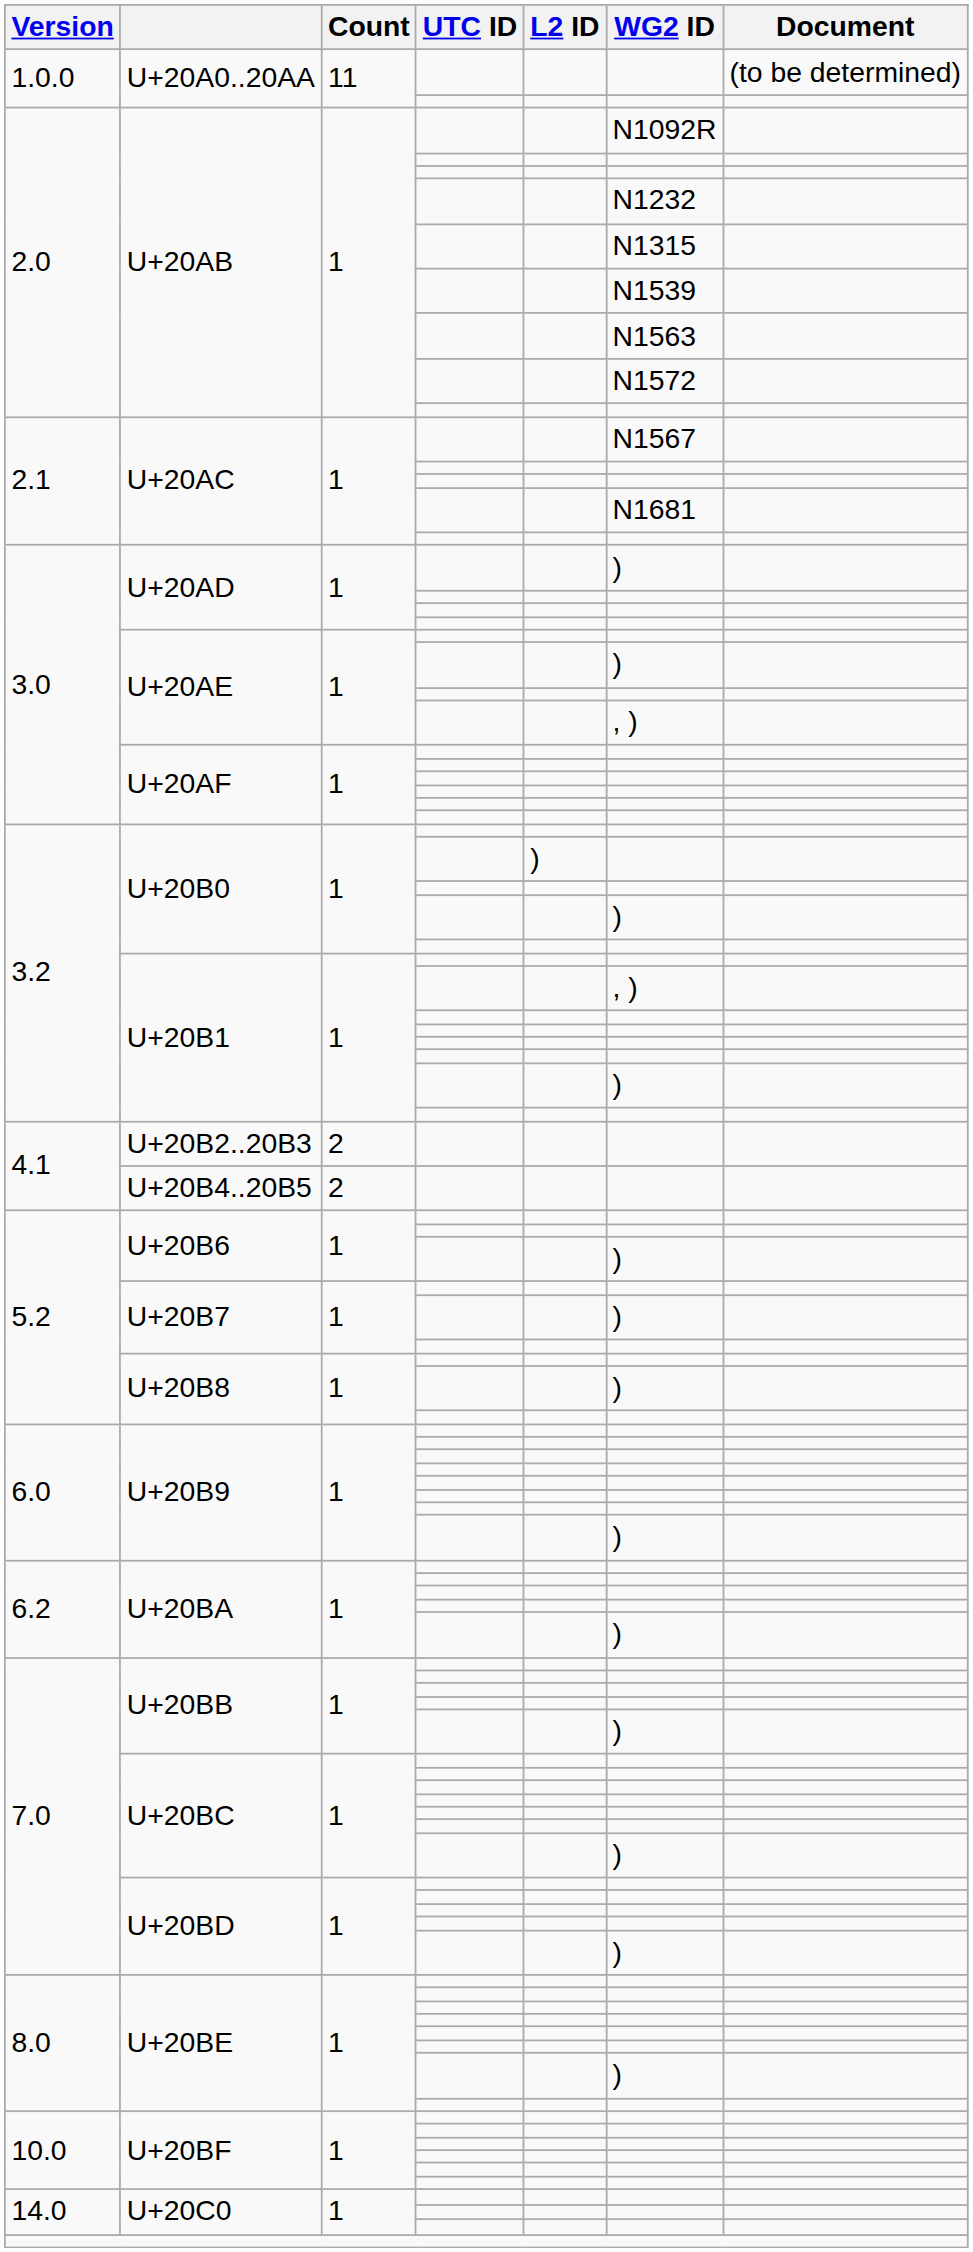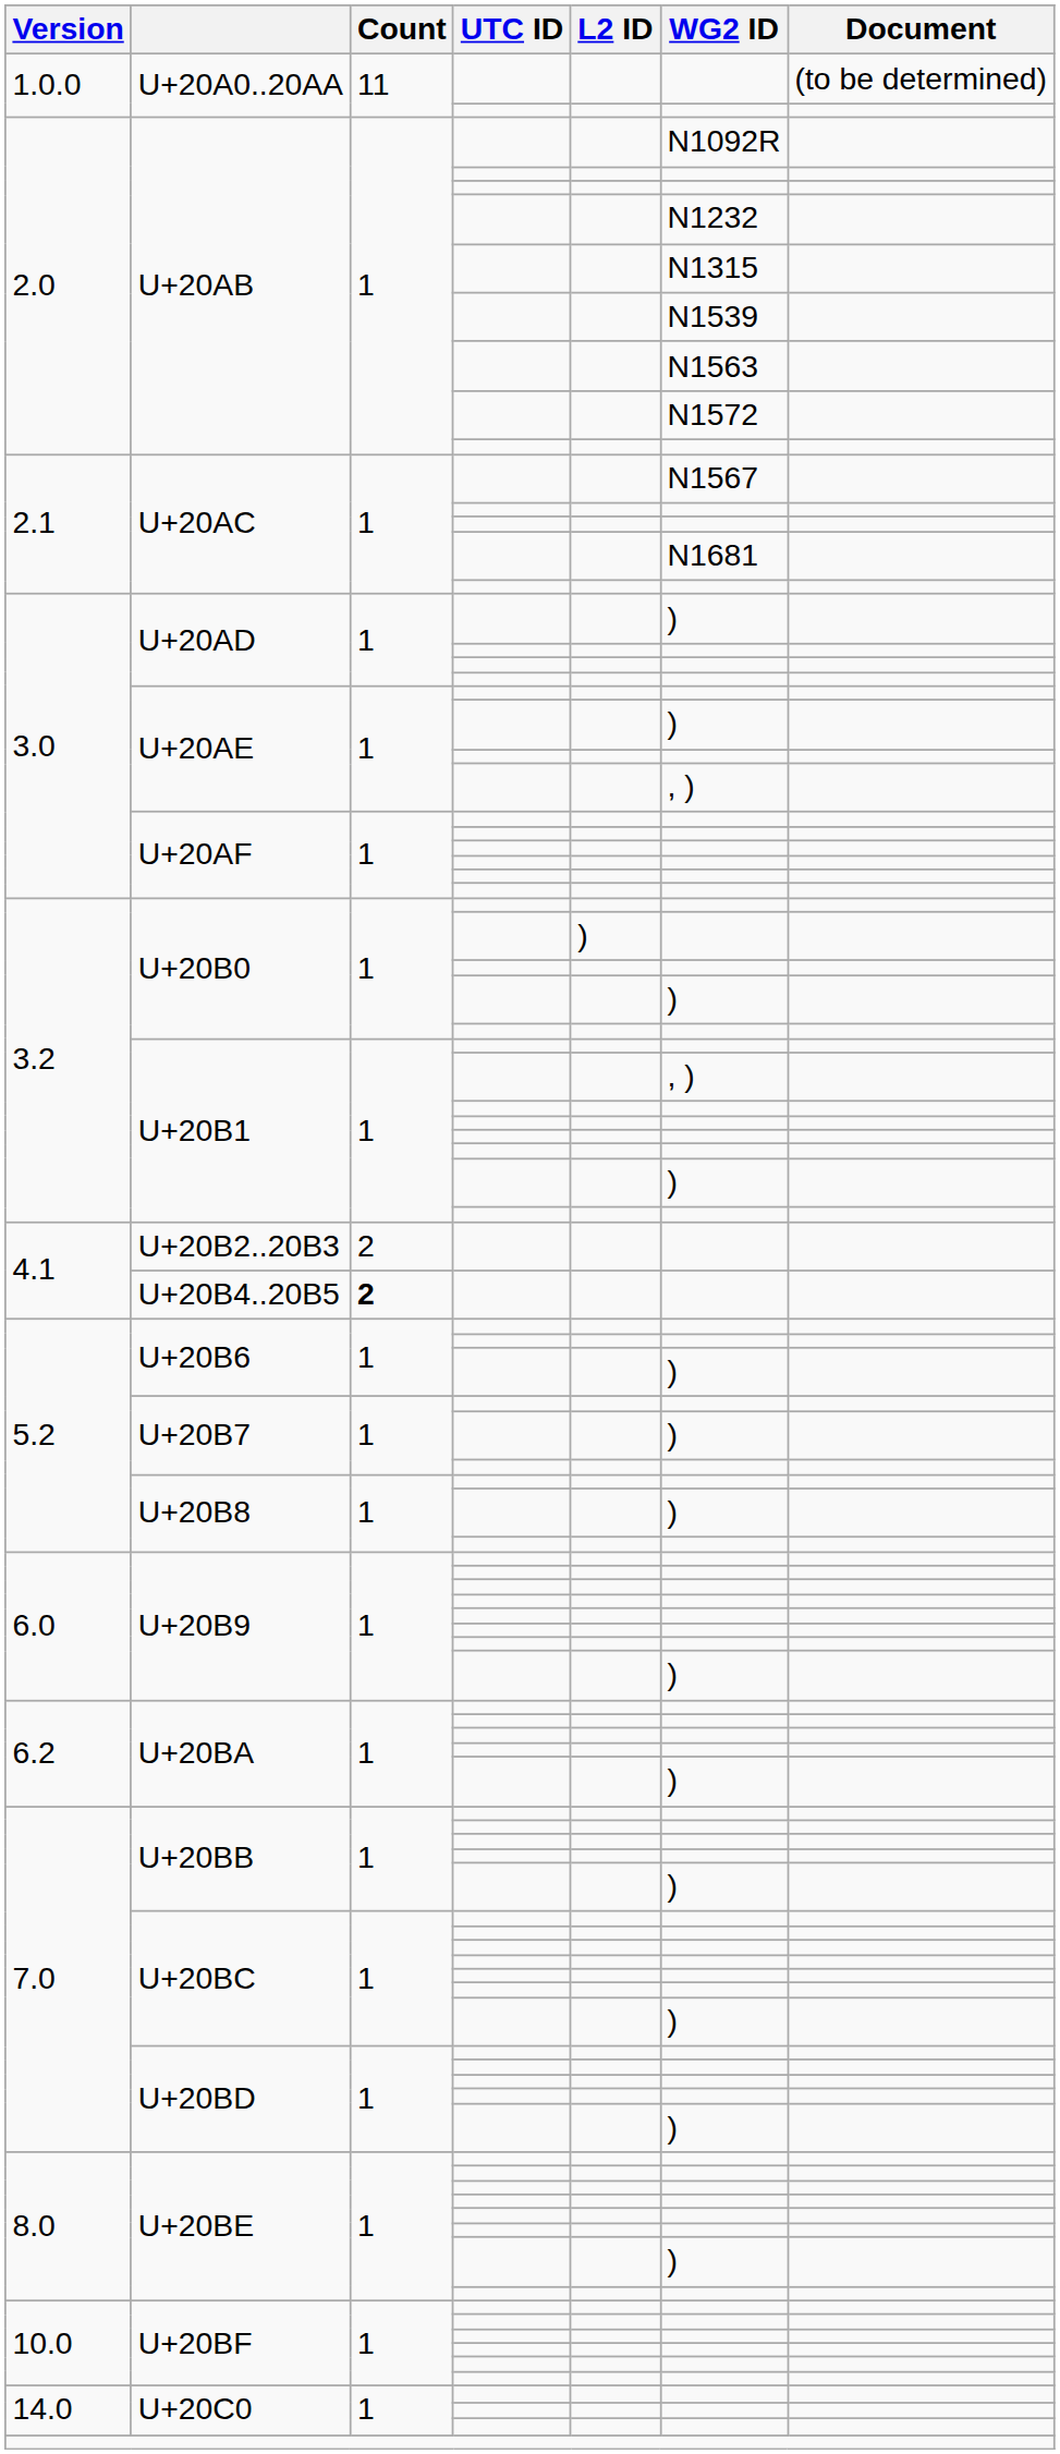 <table class="wikitable collapsible collapsed sticky-header">
 <tr>
 <th><a href='#'>Version</a></th>
 <th></th>
 <th>Count</th>
 <th><a href='#'>UTC</a> ID</th>
 <th><a href='#'>L2</a> ID</th>
 <th><a href='#'>WG2</a> ID</th>
 <th>Document</th>
 </tr>
 <tr>
 <td rowspan="2">1.0.0</td>
 <td rowspan="2">U+20A0..20AA</td>
 <td rowspan="2">11</td>
 <td></td>
 <td></td>
 <td></td>
 <td>(to be determined)</td>
 </tr>
 <tr>
 <td></td>
 <td></td>
 <td></td>
 <td></td>
 </tr>
 <tr>
 <td rowspan="9">2.0</td>
 <td rowspan="9">U+20AB</td>
 <td rowspan="9">1</td>
 <td></td>
 <td></td>
 <td>N1092R</td>
 <td></td>
 </tr>
 <tr>
 <td></td>
 <td></td>
 <td></td>
 <td></td>
 </tr>
 <tr>
 <td></td>
 <td></td>
 <td></td>
 <td></td>
 </tr>
 <tr>
 <td></td>
 <td></td>
 <td>N1232</td>
 <td></td>
 </tr>
 <tr>
 <td></td>
 <td></td>
 <td>N1315</td>
 <td></td>
 </tr>
 <tr>
 <td></td>
 <td></td>
 <td>N1539</td>
 <td></td>
 </tr>
 <tr>
 <td></td>
 <td></td>
 <td>N1563</td>
 <td></td>
 </tr>
 <tr>
 <td></td>
 <td></td>
 <td>N1572</td>
 <td></td>
 </tr>
 <tr>
 <td></td>
 <td></td>
 <td></td>
 <td></td>
 </tr>
 <tr>
 <td rowspan="5">2.1</td>
 <td rowspan="5">U+20AC</td>
 <td rowspan="5">1</td>
 <td></td>
 <td></td>
 <td>N1567</td>
 <td></td>
 </tr>
 <tr>
 <td></td>
 <td></td>
 <td></td>
 <td></td>
 </tr>
 <tr>
 <td></td>
 <td></td>
 <td></td>
 <td></td>
 </tr>
 <tr>
 <td></td>
 <td></td>
 <td>N1681</td>
 <td></td>
 </tr>
 <tr>
 <td></td>
 <td></td>
 <td></td>
 <td></td>
 </tr>
 <tr>
 <td rowspan="14">3.0</td>
 <td rowspan="4">U+20AD</td>
 <td rowspan="4">1</td>
 <td></td>
 <td></td>
 <td> )</td>
 <td></td>
 </tr>
 <tr>
 <td></td>
 <td></td>
 <td></td>
 <td></td>
 </tr>
 <tr>
 <td></td>
 <td></td>
 <td></td>
 <td></td>
 </tr>
 <tr>
 <td></td>
 <td></td>
 <td></td>
 <td></td>
 </tr>
 <tr>
 <td rowspan="4">U+20AE</td>
 <td rowspan="4">1</td>
 <td></td>
 <td></td>
 <td></td>
 <td></td>
 </tr>
 <tr>
 <td></td>
 <td></td>
 <td> )</td>
 <td></td>
 </tr>
 <tr>
 <td></td>
 <td></td>
 <td></td>
 <td></td>
 </tr>
 <tr>
 <td></td>
 <td></td>
 <td> , )</td>
 <td></td>
 </tr>
 <tr>
 <td rowspan="6">U+20AF</td>
 <td rowspan="6">1</td>
 <td></td>
 <td></td>
 <td></td>
 <td></td>
 </tr>
 <tr>
 <td></td>
 <td></td>
 <td></td>
 <td></td>
 </tr>
 <tr>
 <td></td>
 <td></td>
 <td></td>
 <td></td>
 </tr>
 <tr>
 <td></td>
 <td></td>
 <td></td>
 <td></td>
 </tr>
 <tr>
 <td></td>
 <td></td>
 <td></td>
 <td></td>
 </tr>
 <tr>
 <td></td>
 <td></td>
 <td></td>
 <td></td>
 </tr>
 <tr>
 <td rowspan="13">3.2</td>
 <td rowspan="5">U+20B0</td>
 <td rowspan="5">1</td>
 <td></td>
 <td></td>
 <td></td>
 <td></td>
 </tr>
 <tr>
 <td></td>
 <td> )</td>
 <td></td>
 <td></td>
 </tr>
 <tr>
 <td></td>
 <td></td>
 <td></td>
 <td></td>
 </tr>
 <tr>
 <td></td>
 <td></td>
 <td> )</td>
 <td></td>
 </tr>
 <tr>
 <td></td>
 <td></td>
 <td></td>
 <td></td>
 </tr>
 <tr>
 <td rowspan="8">U+20B1</td>
 <td rowspan="8">1</td>
 <td></td>
 <td></td>
 <td></td>
 <td></td>
 </tr>
 <tr>
 <td></td>
 <td></td>
 <td> , )</td>
 <td></td>
 </tr>
 <tr>
 <td></td>
 <td></td>
 <td></td>
 <td></td>
 </tr>
 <tr>
 <td></td>
 <td></td>
 <td></td>
 <td></td>
 </tr>
 <tr>
 <td></td>
 <td></td>
 <td></td>
 <td></td>
 </tr>
 <tr>
 <td></td>
 <td></td>
 <td></td>
 <td></td>
 </tr>
 <tr>
 <td></td>
 <td></td>
 <td> )</td>
 <td></td>
 </tr>
 <tr>
 <td></td>
 <td></td>
 <td></td>
 <td></td>
 </tr>
 <tr>
 <td rowspan="2">4.1</td>
 <td>U+20B2..20B3</td>
 <td>2</td>
 <td></td>
 <td></td>
 <td></td>
 <td></td>
 </tr>
 <tr>
 <td>U+20B4..20B5</td>
-<td>2</td>
+<td><strong>2</strong></td>
 <td></td>
 <td></td>
 <td></td>
 <td></td>
 </tr>
 <tr>
 <td rowspan="9">5.2</td>
 <td rowspan="3">U+20B6</td>
 <td rowspan="3">1</td>
 <td></td>
 <td></td>
 <td></td>
 <td></td>
 </tr>
 <tr>
 <td></td>
 <td></td>
 <td></td>
 <td></td>
 </tr>
 <tr>
 <td></td>
 <td></td>
 <td> )</td>
 <td></td>
 </tr>
 <tr>
 <td rowspan="3">U+20B7</td>
 <td rowspan="3">1</td>
 <td></td>
 <td></td>
 <td></td>
 <td></td>
 </tr>
 <tr>
 <td></td>
 <td></td>
 <td> )</td>
 <td></td>
 </tr>
 <tr>
 <td></td>
 <td></td>
 <td></td>
 <td></td>
 </tr>
 <tr>
 <td rowspan="3">U+20B8</td>
 <td rowspan="3">1</td>
 <td></td>
 <td></td>
 <td></td>
 <td></td>
 </tr>
 <tr>
 <td></td>
 <td></td>
 <td> )</td>
 <td></td>
 </tr>
 <tr>
 <td></td>
 <td></td>
 <td></td>
 <td></td>
 </tr>
 <tr>
 <td rowspan="8">6.0</td>
 <td rowspan="8">U+20B9</td>
 <td rowspan="8">1</td>
 <td></td>
 <td></td>
 <td></td>
 <td></td>
 </tr>
 <tr>
 <td></td>
 <td></td>
 <td></td>
 <td></td>
 </tr>
 <tr>
 <td></td>
 <td></td>
 <td></td>
 <td></td>
 </tr>
 <tr>
 <td></td>
 <td></td>
 <td></td>
 <td></td>
 </tr>
 <tr>
 <td></td>
 <td></td>
 <td></td>
 <td></td>
 </tr>
 <tr>
 <td></td>
 <td></td>
 <td></td>
 <td></td>
 </tr>
 <tr>
 <td></td>
 <td></td>
 <td></td>
 <td></td>
 </tr>
 <tr>
 <td></td>
 <td></td>
 <td> )</td>
 <td></td>
 </tr>
 <tr>
 <td rowspan="5">6.2</td>
 <td rowspan="5">U+20BA</td>
 <td rowspan="5">1</td>
 <td></td>
 <td></td>
 <td></td>
 <td></td>
 </tr>
 <tr>
 <td></td>
 <td></td>
 <td></td>
 <td></td>
 </tr>
 <tr>
 <td></td>
 <td></td>
 <td></td>
 <td></td>
 </tr>
 <tr>
 <td></td>
 <td></td>
 <td></td>
 <td></td>
 </tr>
 <tr>
 <td></td>
 <td></td>
 <td> )</td>
 <td></td>
 </tr>
 <tr>
 <td rowspan="17">7.0</td>
 <td rowspan="5">U+20BB</td>
 <td rowspan="5">1</td>
 <td></td>
 <td></td>
 <td></td>
 <td></td>
 </tr>
 <tr>
 <td></td>
 <td></td>
 <td></td>
 <td></td>
 </tr>
 <tr>
 <td></td>
 <td></td>
 <td></td>
 <td></td>
 </tr>
 <tr>
 <td></td>
 <td></td>
 <td></td>
 <td></td>
 </tr>
 <tr>
 <td></td>
 <td></td>
 <td> )</td>
 <td></td>
 </tr>
 <tr>
 <td rowspan="7">U+20BC</td>
 <td rowspan="7">1</td>
 <td></td>
 <td></td>
 <td></td>
 <td></td>
 </tr>
 <tr>
 <td></td>
 <td></td>
 <td></td>
 <td></td>
 </tr>
 <tr>
 <td></td>
 <td></td>
 <td></td>
 <td></td>
 </tr>
 <tr>
 <td></td>
 <td></td>
 <td></td>
 <td></td>
 </tr>
 <tr>
 <td></td>
 <td></td>
 <td></td>
 <td></td>
 </tr>
 <tr>
 <td></td>
 <td></td>
 <td></td>
 <td></td>
 </tr>
 <tr>
 <td></td>
 <td></td>
 <td> )</td>
 <td></td>
 </tr>
 <tr>
 <td rowspan="5">U+20BD</td>
 <td rowspan="5">1</td>
 <td></td>
 <td></td>
 <td></td>
 <td></td>
 </tr>
 <tr>
 <td></td>
 <td></td>
 <td></td>
 <td></td>
 </tr>
 <tr>
 <td></td>
 <td></td>
 <td></td>
 <td></td>
 </tr>
 <tr>
 <td></td>
 <td></td>
 <td></td>
 <td></td>
 </tr>
 <tr>
 <td></td>
 <td></td>
 <td> )</td>
 <td></td>
 </tr>
 <tr>
 <td rowspan="8">8.0</td>
 <td rowspan="8">U+20BE</td>
 <td rowspan="8">1</td>
 <td></td>
 <td></td>
 <td></td>
 <td></td>
 </tr>
 <tr>
 <td></td>
 <td></td>
 <td></td>
 <td></td>
 </tr>
 <tr>
 <td></td>
 <td></td>
 <td></td>
 <td></td>
 </tr>
 <tr>
 <td></td>
 <td></td>
 <td></td>
 <td></td>
 </tr>
 <tr>
 <td></td>
 <td></td>
 <td></td>
 <td></td>
 </tr>
 <tr>
 <td></td>
 <td></td>
 <td></td>
 <td></td>
 </tr>
 <tr>
 <td></td>
 <td></td>
 <td> )</td>
 <td></td>
 </tr>
 <tr>
 <td></td>
 <td></td>
 <td></td>
 <td></td>
 </tr>
 <tr>
 <td rowspan="6">10.0</td>
 <td rowspan="6">U+20BF</td>
 <td rowspan="6">1</td>
 <td></td>
 <td></td>
 <td></td>
 <td></td>
 </tr>
 <tr>
 <td></td>
 <td></td>
 <td></td>
 <td></td>
 </tr>
 <tr>
 <td></td>
 <td></td>
 <td></td>
 <td></td>
 </tr>
 <tr>
 <td></td>
 <td></td>
 <td></td>
 <td></td>
 </tr>
 <tr>
 <td></td>
 <td></td>
 <td></td>
 <td></td>
 </tr>
 <tr>
 <td></td>
 <td></td>
 <td></td>
 <td></td>
 </tr>
 <tr>
 <td rowspan="3">14.0</td>
 <td rowspan="3">U+20C0</td>
 <td rowspan="3">1</td>
 <td></td>
 <td></td>
 <td></td>
 <td></td>
 </tr>
 <tr>
 <td></td>
 <td></td>
 <td></td>
 <td></td>
 </tr>
 <tr>
 <td></td>
 <td></td>
 <td></td>
 <td></td>
 </tr>
 <tr class="sortbottom">
 <td colspan="7"></td>
 </tr>
 </table>
